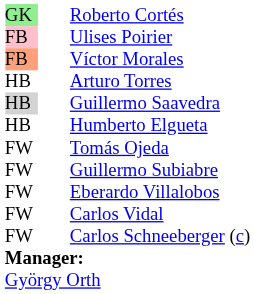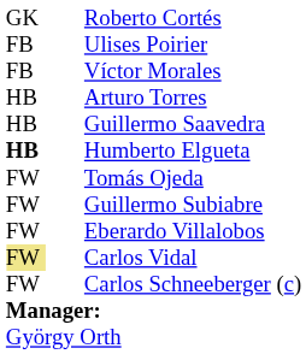 <table style="font-size:90%; margin:0.2em auto;" cellspacing="0" cellpadding="0">
 <tr>
 <th width="25"></th>
 <th width="25"></th>
 </tr>
 <tr>
-<td style="background: lightgreen;">GK</td>
+<td>GK</td>
 <td></td>
 <td><a href='#'>Roberto Cortés</a></td>
 </tr>
 <tr>
-<td style="background: pink;">FB</td>
+<td>FB</td>
 <td></td>
 <td><a href='#'>Ulises Poirier</a></td>
 </tr>
 <tr>
-<td style="background: lightsalmon;">FB</td>
+<td>FB</td>
 <td></td>
 <td><a href='#'>Víctor Morales</a></td>
 </tr>
 <tr>
 <td>HB</td>
 <td></td>
 <td><a href='#'>Arturo Torres</a></td>
 </tr>
 <tr>
-<td style="background: lightgrey;">HB</td>
+<td>HB</td>
 <td></td>
 <td><a href='#'>Guillermo Saavedra</a></td>
 </tr>
 <tr>
-<td>HB</td>
+<td><strong>HB</strong></td>
 <td></td>
 <td><a href='#'>Humberto Elgueta</a></td>
 </tr>
 <tr>
 <td>FW</td>
 <td></td>
 <td><a href='#'>Tomás Ojeda</a></td>
 </tr>
 <tr>
 <td>FW</td>
 <td></td>
 <td><a href='#'>Guillermo Subiabre</a></td>
 </tr>
 <tr>
 <td>FW</td>
 <td></td>
 <td><a href='#'>Eberardo Villalobos</a></td>
 </tr>
 <tr>
-<td>FW</td>
+<td style="background: khaki;">FW</td>
 <td></td>
 <td><a href='#'>Carlos Vidal</a></td>
 </tr>
 <tr>
 <td>FW</td>
 <td></td>
 <td><a href='#'>Carlos Schneeberger</a> (<a href='#'>c</a>)</td>
 </tr>
 <tr>
 <td colspan=3><strong>Manager:</strong></td>
 </tr>
 <tr>
 <td colspan=4> <a href='#'>György Orth</a></td>
 </tr>
 </table>
